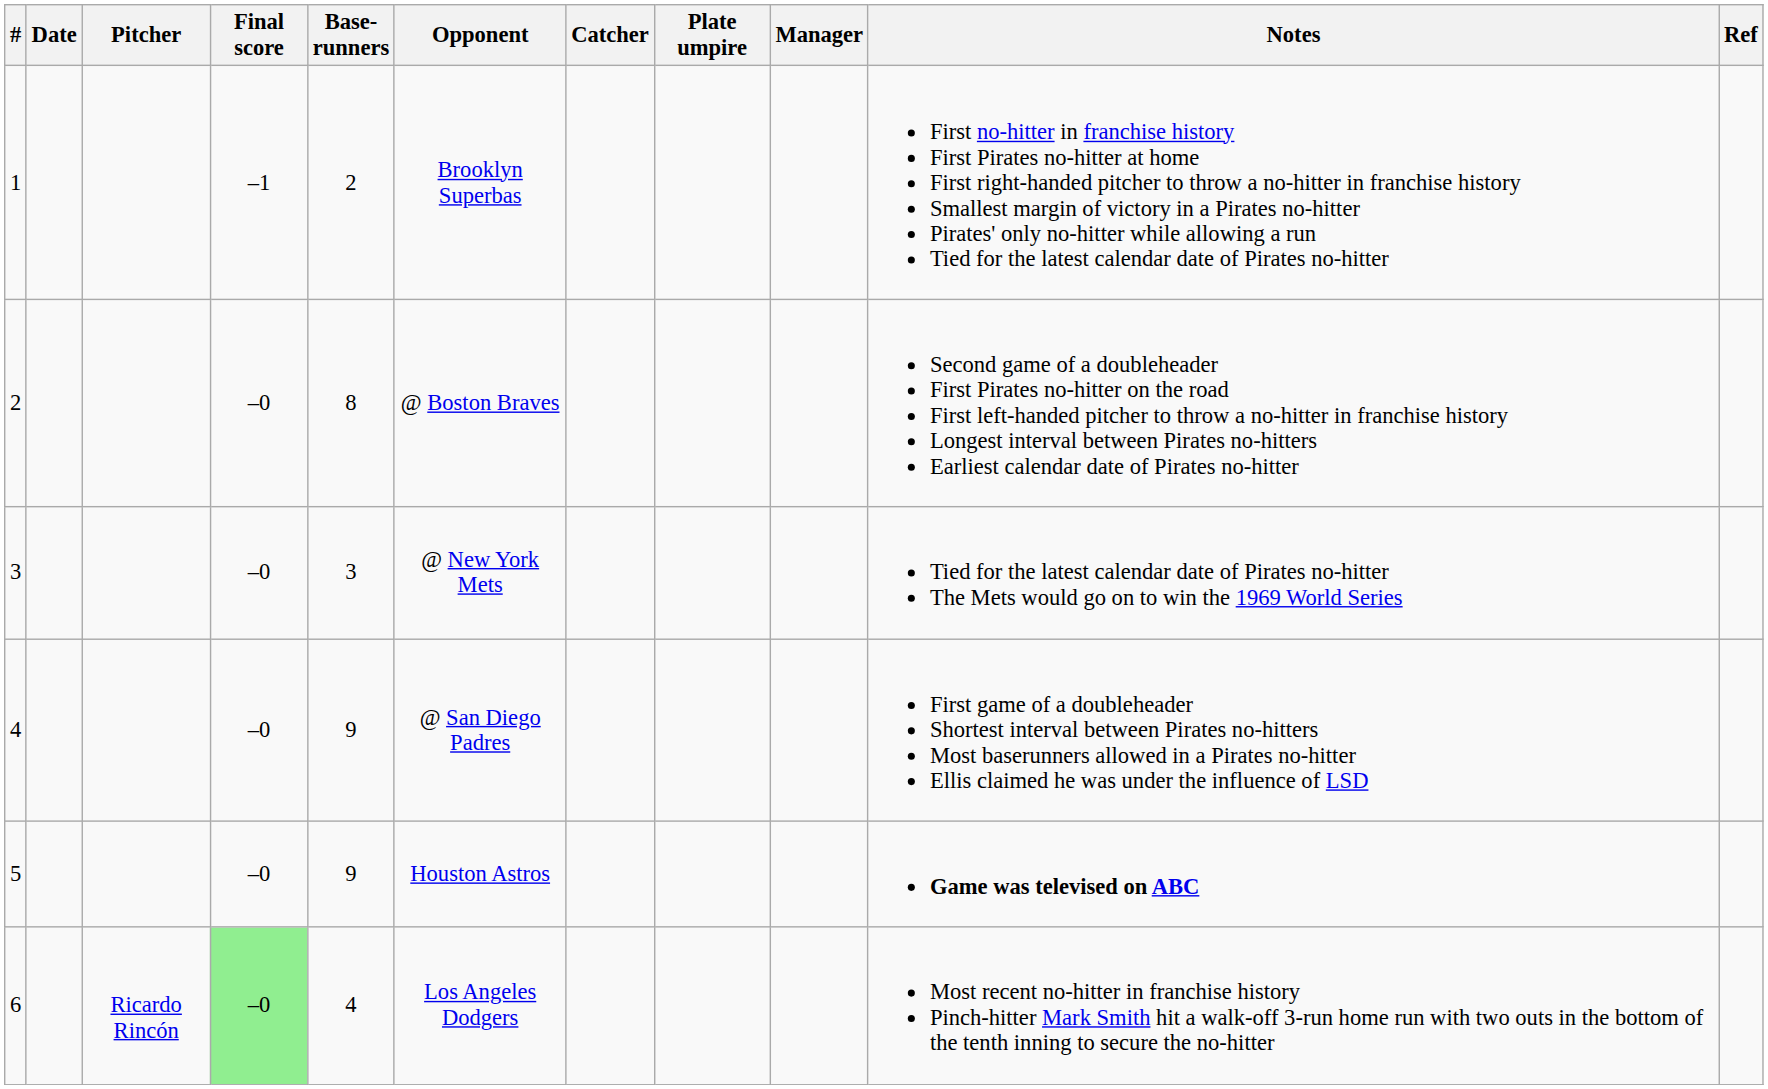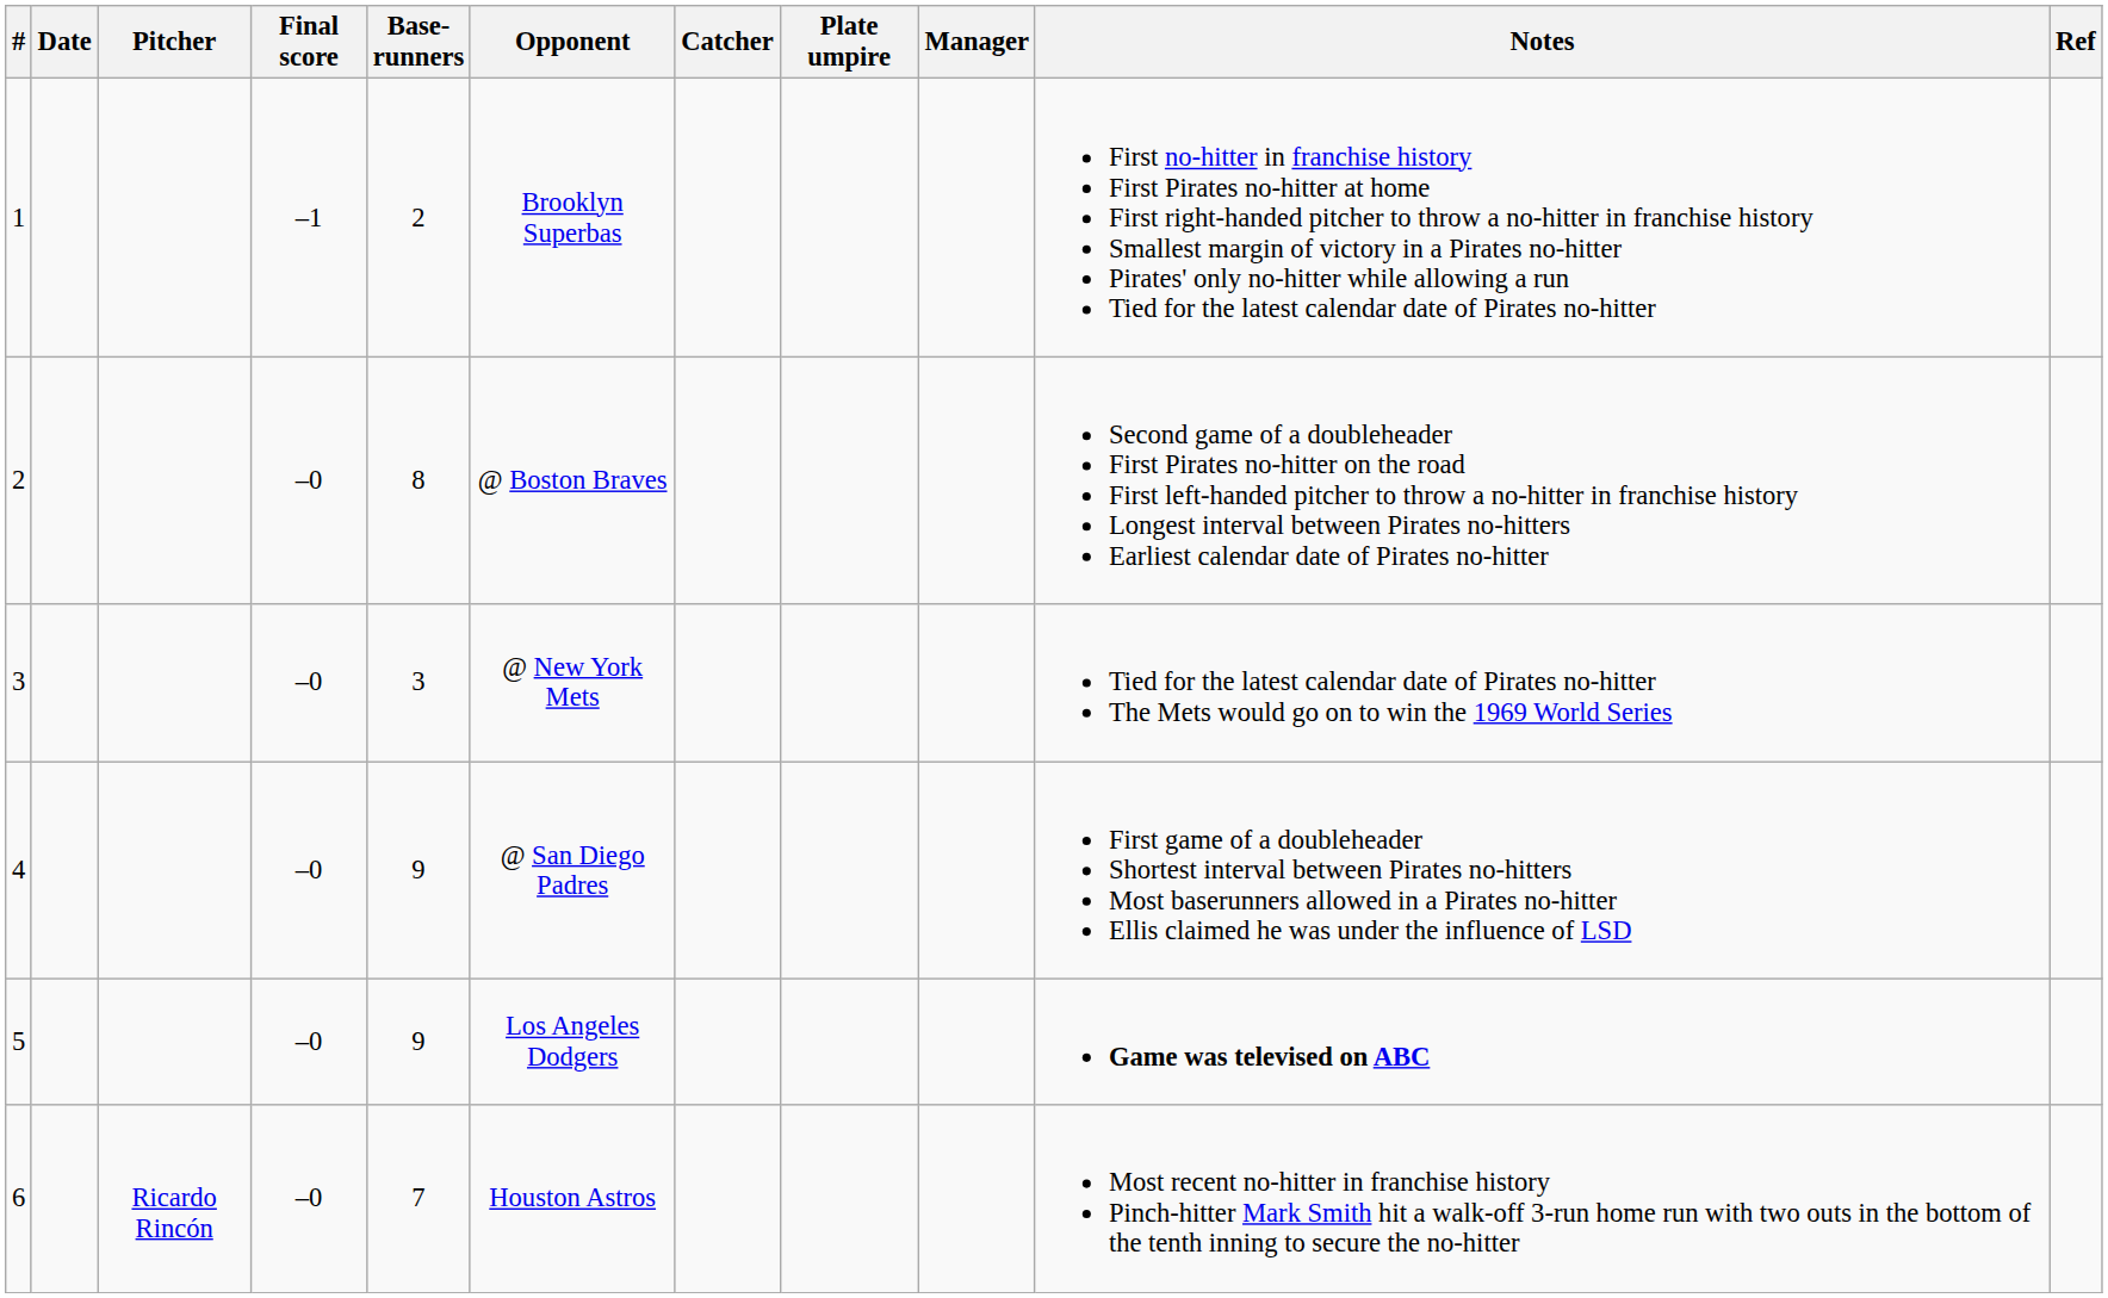 <table class="wikitable sortable" style="text-align:center" border="1">
 <tr>
 <th>#</th>
 <th>Date</th>
 <th>Pitcher</th>
 <th>Final score</th>
 <th>Base-<br>runners</th>
 <th>Opponent</th>
 <th>Catcher</th>
 <th>Plate umpire</th>
 <th>Manager</th>
 <th class="unsortable">Notes</th>
 <th class="unsortable">Ref</th>
 </tr>
 <tr>
 <td>1</td>
 <td></td>
 <td></td>
 <td>–1</td>
 <td>2</td>
 <td><a href='#'>Brooklyn Superbas</a></td>
 <td></td>
 <td></td>
 <td></td>
 <td align="left"><br><ul><li>First <a href='#'>no-hitter</a> in <a href='#'>franchise history</a></li><li>First Pirates no-hitter at home</li><li>First right-handed pitcher to throw a no-hitter in franchise history</li><li>Smallest margin of victory in a Pirates no-hitter</li><li>Pirates' only no-hitter while allowing a run</li><li>Tied for the latest calendar date of Pirates no-hitter</li></ul></td>
 <td></td>
 </tr>
 <tr>
 <td>2</td>
 <td></td>
 <td></td>
 <td>–0</td>
 <td>8</td>
 <td>@ <a href='#'>Boston Braves</a></td>
 <td></td>
 <td></td>
 <td></td>
 <td align="left"><br><ul><li>Second game of a doubleheader</li><li>First Pirates no-hitter on the road</li><li>First left-handed pitcher to throw a no-hitter in franchise history</li><li>Longest interval between Pirates no-hitters</li><li>Earliest calendar date of Pirates no-hitter</li></ul></td>
 <td></td>
 </tr>
 <tr>
 <td>3</td>
 <td></td>
 <td></td>
 <td>–0</td>
 <td>3</td>
 <td>@ <a href='#'>New York Mets</a></td>
 <td></td>
 <td></td>
 <td></td>
 <td align="left"><br><ul><li>Tied for the latest calendar date of Pirates no-hitter</li><li>The Mets would go on to win the <a href='#'>1969 World Series</a></li></ul></td>
 <td></td>
 </tr>
 <tr>
 <td>4</td>
 <td></td>
 <td></td>
 <td>–0</td>
 <td>9</td>
 <td>@ <a href='#'>San Diego Padres</a></td>
 <td></td>
 <td></td>
 <td> </td>
 <td align="left"><br><ul><li>First game of a doubleheader</li><li>Shortest interval between Pirates no-hitters</li><li>Most baserunners allowed in a Pirates no-hitter</li><li>Ellis claimed he was under the influence of <a href='#'>LSD</a></li></ul></td>
 <td></td>
 </tr>
 <tr>
 <td>5</td>
 <td></td>
 <td></td>
 <td>–0</td>
 <td>9</td>
-<td><a href='#'>Houston Astros</a></td>
+<td><a href='#'>Los Angeles Dodgers</a></td>
 <td></td>
 <td></td>
 <td> </td>
 <td align="left"><strong><br><ul><li>Game was televised on <a href='#'>ABC</a></li></ul></strong></td>
 <td></td>
 </tr>
 <tr>
 <td>6</td>
 <td></td>
 <td> <br><a href='#'>Ricardo Rincón</a> </td>
-<td style="background: lightgreen;">–0 </td>
-<td>4</td>
-<td><a href='#'>Los Angeles Dodgers</a></td>
+<td>–0 </td>
+<td>7</td>
+<td><a href='#'>Houston Astros</a></td>
 <td></td>
 <td></td>
 <td></td>
 <td align="left"><br><ul><li>Most recent no-hitter in franchise history</li><li>Pinch-hitter <a href='#'>Mark Smith</a> hit a walk-off 3-run home run with two outs in the bottom of the tenth inning to secure the no-hitter</li></ul></td>
 <td></td>
 </tr>
 </table>
